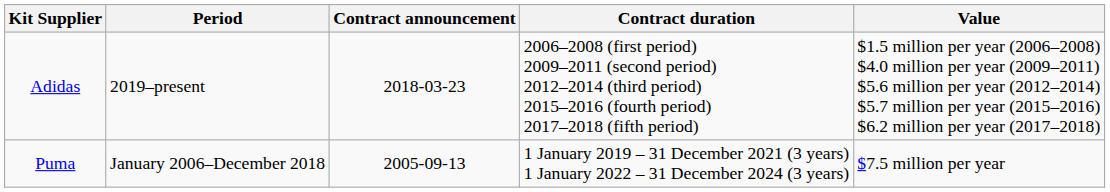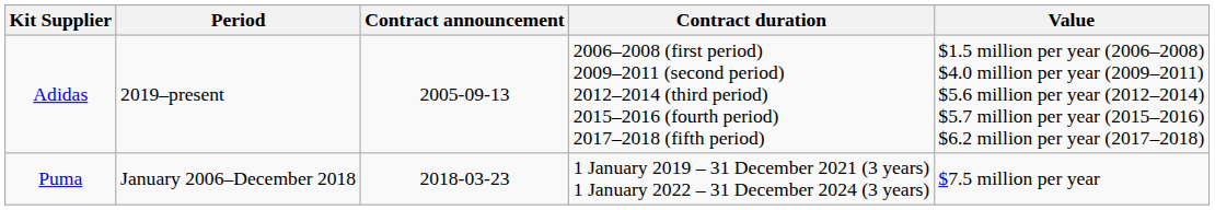 <table class="wikitable sortable" style="text-align: left">
 <tr>
 <th>Kit Supplier</th>
 <th>Period</th>
 <th>Contract announcement</th>
 <th>Contract duration</th>
 <th>Value</th>
 </tr>
 <tr>
 <td style="text-align: center;"><a href='#'>Adidas</a></td>
 <td>2019–present</td>
-<td style="text-align: center;">2018-03-23</td>
+<td style="text-align: center;">2005-09-13</td>
 <td>2006–2008 (first period)<br>2009–2011 (second period)<br>2012–2014 (third period)<br>2015–2016 (fourth period)<br>2017–2018 (fifth period) <br></td>
 <td>$1.5 million per year (2006–2008)<br>$4.0 million per year (2009–2011)<br>$5.6 million per year (2012–2014)<br>$5.7 million per year (2015–2016)<br>$6.2 million per year (2017–2018)</td>
 </tr>
 <tr>
 <td style="text-align: center;"><a href='#'>Puma</a></td>
 <td>January 2006–December 2018</td>
-<td style="text-align: center;">2005-09-13</td>
+<td style="text-align: center;">2018-03-23</td>
 <td>1 January 2019 – 31 December 2021 (3 years)<br>1 January 2022 – 31 December 2024 (3 years)</td>
 <td><a href='#'>$</a>7.5 million per year</td>
 </tr>
 </table>
